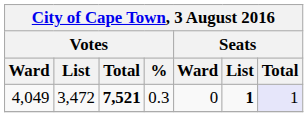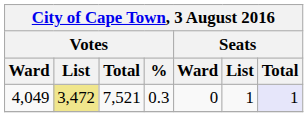 <table class=wikitable style="text-align:right">
 <tr>
 <th colspan="9" align="center"><a href='#'>City of Cape Town</a>, 3 August 2016</th>
 </tr>
 <tr>
 <th colspan="4" align="center">Votes</th>
 <th colspan="6" align="center">Seats</th>
 </tr>
 <tr>
 <th>Ward</th>
 <th>List</th>
 <th>Total</th>
 <th>%</th>
 <th>Ward</th>
 <th>List</th>
 <th>Total</th>
 </tr>
 <tr>
 <td>4,049</td>
-<td>3,472</td>
-<td><strong>7,521</strong></td>
+<td style="background: khaki;">3,472</td>
+<td>7,521</td>
 <td>0.3</td>
 <td>0</td>
-<td><strong>1</strong></td>
+<td>1</td>
 <td style="background: lavender;">1</td>
 </tr>
 <tr>
 </tr>
 </table>
